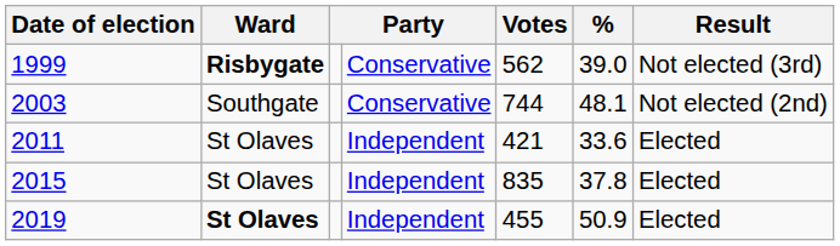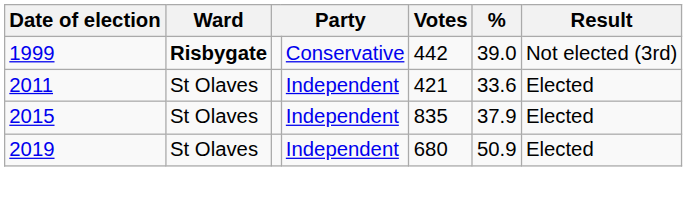 <table class="wikitable">
 <tr>
 <th>Date of election</th>
 <th>Ward</th>
 <th colspan="2">Party</th>
 <th>Votes</th>
 <th>%</th>
 <th>Result</th>
 </tr>
 <tr>
 <td><a href='#'>1999</a></td>
 <td><strong>Risbygate</strong></td>
 <td style="background-color: "></td>
 <td><a href='#'>Conservative</a></td>
-<td>562</td>
+<td>442</td>
 <td>39.0</td>
 <td>Not elected (3rd)</td>
-</tr>
-<tr>
-<td><a href='#'>2003</a></td>
-<td>Southgate</td>
-<td style="background-color: "></td>
-<td><a href='#'>Conservative</a></td>
-<td>744</td>
-<td>48.1</td>
-<td>Not elected (2nd)</td>
 </tr>
 <tr>
 <td><a href='#'>2011</a></td>
 <td>St Olaves</td>
 <td style="background-color: "></td>
 <td><a href='#'>Independent</a></td>
 <td>421</td>
 <td>33.6</td>
 <td>Elected</td>
 </tr>
 <tr>
 <td><a href='#'>2015</a></td>
 <td>St Olaves</td>
 <td style="background-color: "></td>
 <td><a href='#'>Independent</a></td>
 <td>835</td>
-<td>37.8</td>
+<td>37.9</td>
 <td>Elected</td>
 </tr>
 <tr>
 <td><a href='#'>2019</a></td>
-<td><strong>St Olaves</strong></td>
+<td>St Olaves</td>
 <td style="background-color: "></td>
 <td><a href='#'>Independent</a></td>
-<td>455</td>
+<td>680</td>
 <td>50.9</td>
 <td>Elected</td>
 </tr>
 </table>
